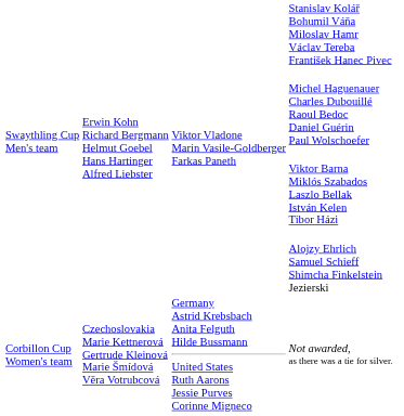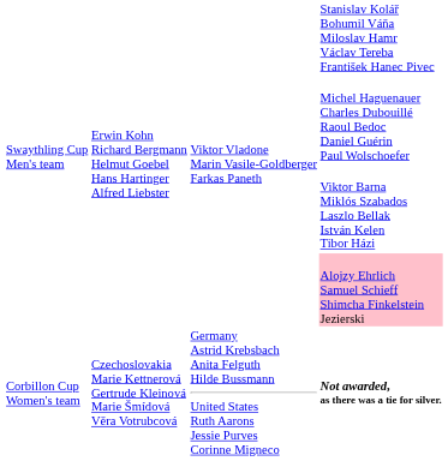 <table>
 <tr>
 <td rowspan=4><a href='#'>Swaythling Cup<br>Men's team</a></td>
 <td rowspan=4> <br><a href='#'>Erwin Kohn</a><br><a href='#'>Richard Bergmann</a><br><a href='#'>Helmut Goebel</a><br><a href='#'>Hans Hartinger</a><br><a href='#'>Alfred Liebster</a></td>
 <td rowspan=4> <br><a href='#'>Viktor Vladone</a><br><a href='#'>Marin Vasile-Goldberger</a><br><a href='#'>Farkas Paneth</a></td>
 <td><br> <a href='#'>Stanislav Kolář</a><br><a href='#'>Bohumil Váňa</a><br><a href='#'>Miloslav Hamr</a><br><a href='#'>Václav Tereba</a><br><a href='#'>František Hanec Pivec</a></td>
 </tr>
 <tr>
 <td> <br> <a href='#'>Michel Haguenauer</a><br><a href='#'>Charles Dubouillé</a><br><a href='#'>Raoul Bedoc</a><br><a href='#'>Daniel Guérin</a><br><a href='#'>Paul Wolschoefer</a></td>
 </tr>
 <tr>
 <td> <br><a href='#'>Viktor Barna</a> <br><a href='#'>Miklós Szabados</a><br> <a href='#'>Laszlo Bellak</a><br><a href='#'>István Kelen</a><br><a href='#'>Tibor Házi</a></td>
 </tr>
 <tr>
-<td><br><a href='#'>Alojzy Ehrlich</a> <br><a href='#'>Samuel Schieff</a><br><a href='#'>Shimcha Finkelstein</a><br>Jezierski</td>
+<td style="background: pink;"><br><a href='#'>Alojzy Ehrlich</a> <br><a href='#'>Samuel Schieff</a><br><a href='#'>Shimcha Finkelstein</a><br>Jezierski</td>
 </tr>
 <tr>
 <td rowspan=2><a href='#'>Corbillon Cup<br>Women's team</a></td>
 <td> <a href='#'>Czechoslovakia</a><br><a href='#'>Marie Kettnerová</a> <br> <a href='#'>Gertrude Kleinová</a> <br> <a href='#'>Marie Šmídová</a> <br> <a href='#'>Věra Votrubcová</a></td>
 <td> <a href='#'>Germany</a><br><a href='#'>Astrid Krebsbach</a><br><a href='#'>Anita Felguth</a><br><a href='#'>Hilde Bussmann</a><hr> <a href='#'>United States</a><br><a href='#'>Ruth Aarons</a><br><a href='#'>Jessie Purves</a><br><a href='#'>Corinne Migneco</a></td>
-<td><em>Not awarded</em>,<br><small>as there was a tie for silver.</small></td>
+<td><strong><em>Not awarded</em>,<br><small>as there was a tie for silver.</small></strong></td>
 </tr>
 <tr>
 </tr>
 </table>
